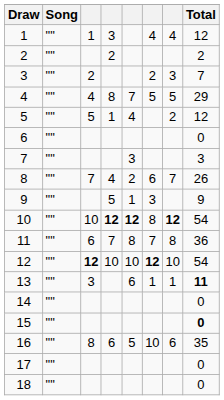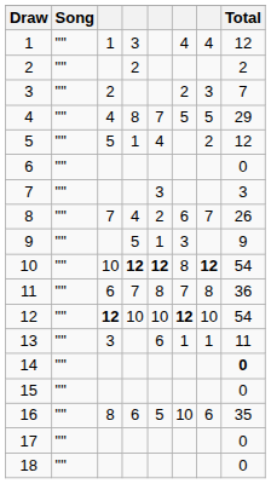 <table class="wikitable collapsible" style="margin: 1em auto 1em auto; text-align:center;">
 <tr>
 </tr>
 <tr>
 <th>Draw</th>
 <th>Song</th>
 <th><small></small></th>
 <th><small></small></th>
 <th><small></small></th>
 <th><small></small></th>
 <th><small></small></th>
 <th>Total</th>
 </tr>
 <tr>
 <td>1</td>
 <td align="left">""</td>
 <td>1</td>
 <td>3</td>
 <td></td>
 <td>4</td>
 <td>4</td>
 <td>12</td>
 </tr>
 <tr>
 <td>2</td>
 <td align="left">""</td>
 <td></td>
 <td>2</td>
 <td></td>
 <td></td>
 <td></td>
 <td>2</td>
 </tr>
 <tr>
 <td>3</td>
 <td align="left">""</td>
 <td>2</td>
 <td></td>
 <td></td>
 <td>2</td>
 <td>3</td>
 <td>7</td>
 </tr>
 <tr>
 <td>4</td>
 <td align="left">""</td>
 <td>4</td>
 <td>8</td>
 <td>7</td>
 <td>5</td>
 <td>5</td>
 <td>29</td>
 </tr>
 <tr>
 <td>5</td>
 <td align="left">""</td>
 <td>5</td>
 <td>1</td>
 <td>4</td>
 <td></td>
 <td>2</td>
 <td>12</td>
 </tr>
 <tr>
 <td>6</td>
 <td align="left">""</td>
 <td></td>
 <td></td>
 <td></td>
 <td></td>
 <td></td>
 <td>0</td>
 </tr>
 <tr>
 <td>7</td>
 <td align="left">""</td>
 <td></td>
 <td></td>
 <td>3</td>
 <td></td>
 <td></td>
 <td>3</td>
 </tr>
 <tr>
 <td>8</td>
 <td align="left">""</td>
 <td>7</td>
 <td>4</td>
 <td>2</td>
 <td>6</td>
 <td>7</td>
 <td>26</td>
 </tr>
 <tr>
 <td>9</td>
 <td align="left">""</td>
 <td></td>
 <td>5</td>
 <td>1</td>
 <td>3</td>
 <td></td>
 <td>9</td>
 </tr>
 <tr>
 <td>10</td>
 <td align="left">""</td>
 <td>10</td>
 <td><strong>12</strong></td>
 <td><strong>12</strong></td>
 <td>8</td>
 <td><strong>12</strong></td>
 <td>54</td>
 </tr>
 <tr>
 <td>11</td>
 <td align="left">""</td>
 <td>6</td>
 <td>7</td>
 <td>8</td>
 <td>7</td>
 <td>8</td>
 <td>36</td>
 </tr>
 <tr>
 <td>12</td>
 <td align="left">""</td>
 <td><strong>12</strong></td>
 <td>10</td>
 <td>10</td>
 <td><strong>12</strong></td>
 <td>10</td>
 <td>54</td>
 </tr>
 <tr>
 <td>13</td>
 <td align="left">""</td>
 <td>3</td>
 <td></td>
 <td>6</td>
 <td>1</td>
 <td>1</td>
-<td><strong>11</strong></td>
+<td>11</td>
 </tr>
 <tr>
 <td>14</td>
 <td align="left">""</td>
 <td></td>
 <td></td>
 <td></td>
 <td></td>
 <td></td>
-<td>0</td>
+<td><strong>0</strong></td>
 </tr>
 <tr>
 <td>15</td>
 <td align="left">""</td>
 <td></td>
 <td></td>
 <td></td>
 <td></td>
 <td></td>
-<td><strong>0</strong></td>
+<td>0</td>
 </tr>
 <tr>
 <td>16</td>
 <td align="left">""</td>
 <td>8</td>
 <td>6</td>
 <td>5</td>
 <td>10</td>
 <td>6</td>
 <td>35</td>
 </tr>
 <tr>
 <td>17</td>
 <td align="left">""</td>
 <td></td>
 <td></td>
 <td></td>
 <td></td>
 <td></td>
 <td>0</td>
 </tr>
 <tr>
 <td>18</td>
 <td align="left">""</td>
 <td></td>
 <td></td>
 <td></td>
 <td></td>
 <td></td>
 <td>0</td>
 </tr>
 </table>
